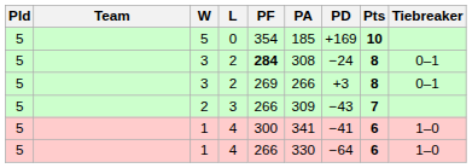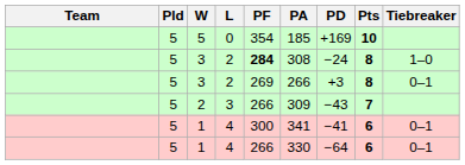 <table class="wikitable" style="text-align:center;">
 <tr>
+<th width=170>Team</th>
 <th width=25>Pld</th>
-<th width=170>Team</th>
 <th width=25>W</th>
 <th width=25>L</th>
 <th width=35>PF</th>
 <th width=35>PA</th>
 <th width=35>PD</th>
 <th width=25>Pts</th>
 <th width=50>Tiebreaker</th>
 </tr>
 <tr bgcolor=ccffcc>
+<td align="left"></td>
 <td>5</td>
-<td align="left"></td>
 <td>5</td>
 <td>0</td>
 <td>354</td>
 <td>185</td>
 <td>+169</td>
 <td><strong>10</strong></td>
 <td></td>
 </tr>
 <tr bgcolor=ccffcc>
+<td align="left"></td>
 <td>5</td>
-<td align="left"></td>
 <td>3</td>
 <td>2</td>
 <td><strong>284</strong></td>
 <td>308</td>
 <td>−24</td>
 <td><strong>8</strong></td>
-<td>0–1</td>
+<td>1–0</td>
 </tr>
 <tr bgcolor=ccffcc>
+<td align="left"></td>
 <td>5</td>
-<td align="left"></td>
 <td>3</td>
 <td>2</td>
 <td>269</td>
 <td>266</td>
 <td>+3</td>
 <td><strong>8</strong></td>
 <td>0–1</td>
 </tr>
 <tr bgcolor=ccffcc>
+<td align="left"></td>
 <td>5</td>
-<td align="left"></td>
 <td>2</td>
 <td>3</td>
 <td>266</td>
 <td>309</td>
 <td>−43</td>
 <td><strong>7</strong></td>
 <td></td>
 </tr>
 <tr bgcolor=ffcccc>
+<td align="left"></td>
 <td>5</td>
-<td align="left"></td>
 <td>1</td>
 <td>4</td>
 <td>300</td>
 <td>341</td>
 <td>−41</td>
 <td><strong>6</strong></td>
-<td>1–0</td>
+<td>0–1</td>
 </tr>
 <tr bgcolor=ffcccc>
+<td align="left"></td>
 <td>5</td>
-<td align="left"></td>
 <td>1</td>
 <td>4</td>
 <td>266</td>
 <td>330</td>
 <td>−64</td>
 <td><strong>6</strong></td>
-<td>1–0</td>
+<td>0–1</td>
 </tr>
 </table>
